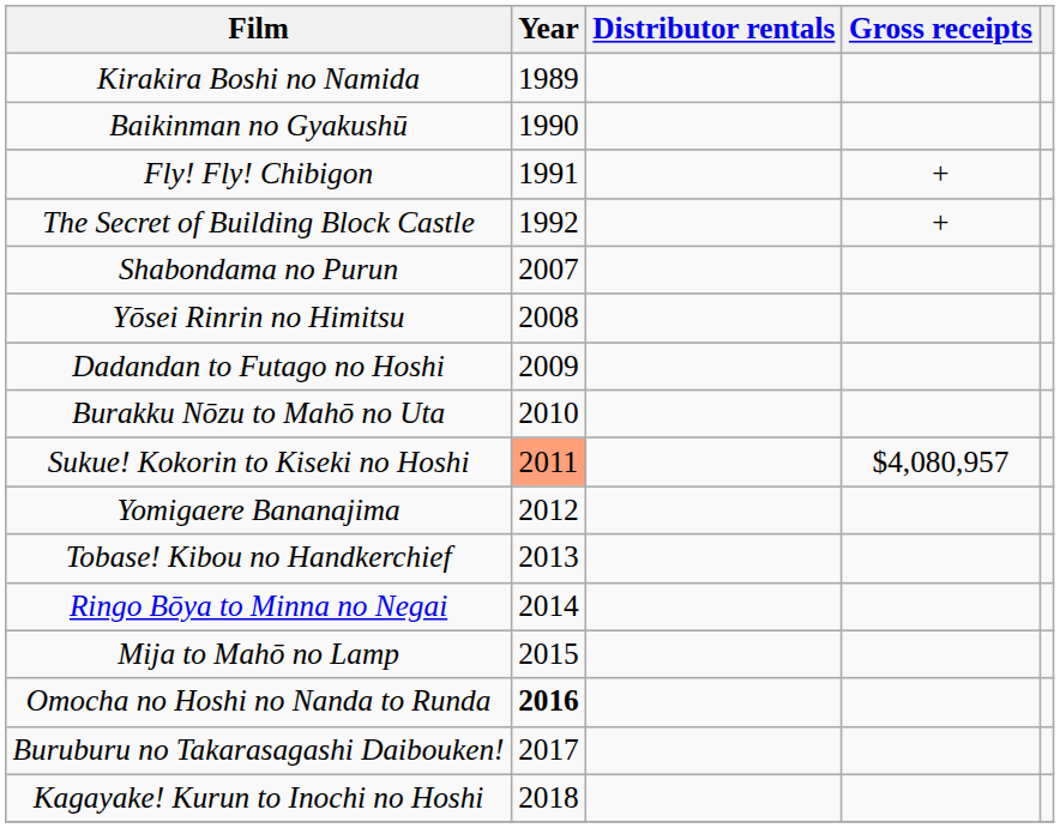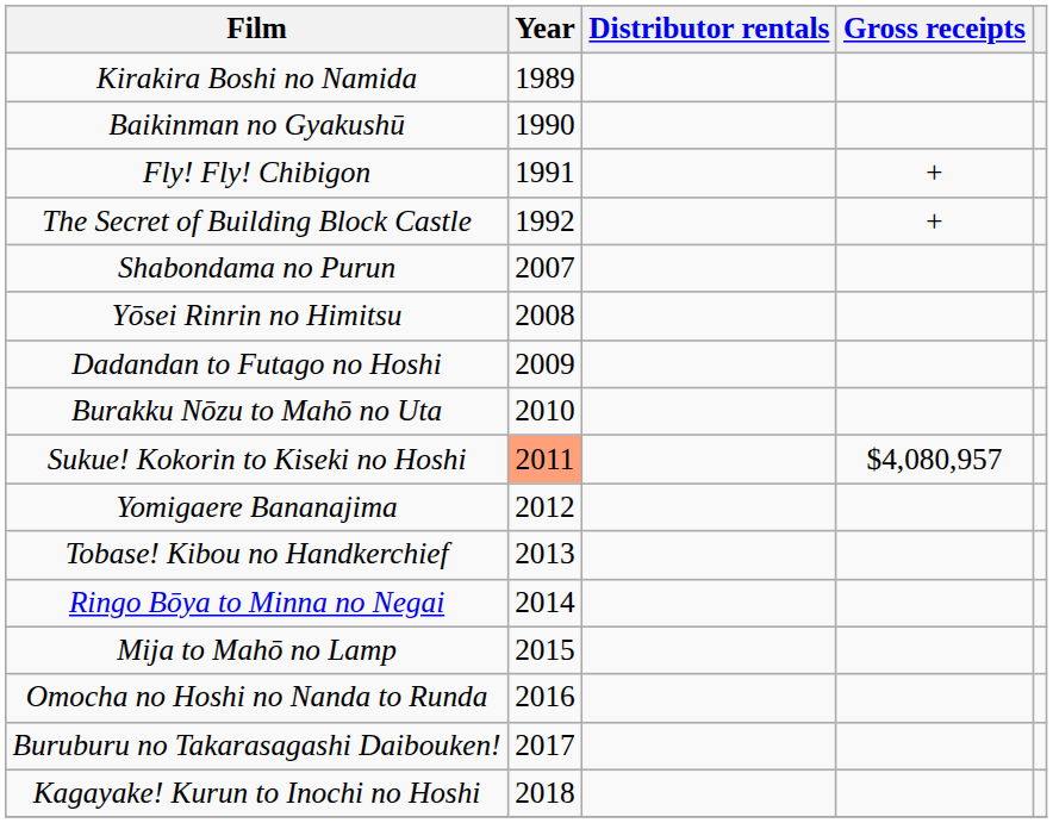 <table class="wikitable sortable" style="text-align:center">
 <tr>
 <th>Film</th>
 <th>Year</th>
 <th><a href='#'>Distributor rentals</a></th>
 <th><a href='#'>Gross receipts</a></th>
 <th class="unsortable"></th>
 </tr>
 <tr>
 <td><em>Kirakira Boshi no Namida</em></td>
 <td>1989</td>
 <td></td>
 <td></td>
 <td></td>
 </tr>
 <tr>
 <td><em>Baikinman no Gyakushū</em></td>
 <td>1990</td>
 <td></td>
 <td></td>
 <td></td>
 </tr>
 <tr>
 <td><em>Fly! Fly! Chibigon</em></td>
 <td>1991</td>
 <td></td>
 <td>+</td>
 <td></td>
 </tr>
 <tr>
 <td><em>The Secret of Building Block Castle</em></td>
 <td>1992</td>
 <td></td>
 <td>+</td>
 <td></td>
 </tr>
 <tr>
 <td><em>Shabondama no Purun</em></td>
 <td>2007</td>
 <td></td>
 <td></td>
 <td></td>
 </tr>
 <tr>
 <td><em>Yōsei Rinrin no Himitsu</em></td>
 <td>2008</td>
 <td></td>
 <td></td>
 <td></td>
 </tr>
 <tr>
 <td><em>Dadandan to Futago no Hoshi</em></td>
 <td>2009</td>
 <td></td>
 <td></td>
 <td></td>
 </tr>
 <tr>
 <td><em>Burakku Nōzu to Mahō no Uta</em></td>
 <td>2010</td>
 <td></td>
 <td></td>
 <td></td>
 </tr>
 <tr>
 <td><em>Sukue! Kokorin to Kiseki no Hoshi</em></td>
 <td style="background: lightsalmon;">2011</td>
 <td></td>
 <td>$4,080,957</td>
 <td></td>
 </tr>
 <tr>
 <td><em>Yomigaere Bananajima</em></td>
 <td>2012</td>
 <td></td>
 <td></td>
 <td></td>
 </tr>
 <tr>
 <td><em>Tobase! Kibou no Handkerchief</em></td>
 <td>2013</td>
 <td></td>
 <td></td>
 <td></td>
 </tr>
 <tr>
 <td><em><a href='#'>Ringo Bōya to Minna no Negai</a></em></td>
 <td>2014</td>
 <td></td>
 <td></td>
 <td></td>
 </tr>
 <tr>
 <td><em>Mija to Mahō no Lamp</em></td>
 <td>2015</td>
 <td></td>
 <td></td>
 <td></td>
 </tr>
 <tr>
 <td><em>Omocha no Hoshi no Nanda to Runda</em></td>
-<td><strong>2016</strong></td>
+<td>2016</td>
 <td></td>
 <td></td>
 <td></td>
 </tr>
 <tr>
 <td><em>Buruburu no Takarasagashi Daibouken!</em></td>
 <td>2017</td>
 <td></td>
 <td></td>
 <td></td>
 </tr>
 <tr>
 <td><em>Kagayake! Kurun to Inochi no Hoshi</em></td>
 <td>2018</td>
 <td></td>
 <td></td>
 <td></td>
 </tr>
 <tr>
 </tr>
 </table>
